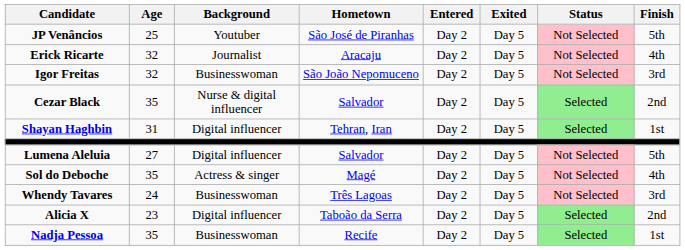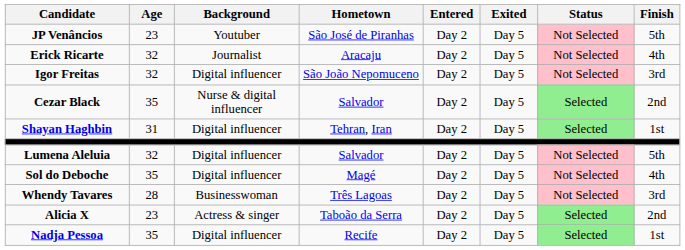 <table class= "wikitable sortable" style="text-align: center; margin:auto; align: center">
 <tr>
 <th width=150>Candidate</th>
 <th width=050>Age</th>
 <th width=150>Background </th>
 <th width=150>Hometown</th>
 <th width=065>Entered</th>
 <th width=065>Exited</th>
 <th width=115>Status</th>
 <th width=050>Finish</th>
 </tr>
 <tr>
 <td><strong>JP Venâncios</strong><br></td>
-<td>25</td>
+<td>23</td>
 <td>Youtuber</td>
 <td><a href='#'>São José de Piranhas</a></td>
 <td>Day 2</td>
 <td>Day 5</td>
 <td bgcolor=FFC0CB nowrap>Not Selected<br></td>
 <td>5th</td>
 </tr>
 <tr>
 <td><strong>Erick Ricarte</strong><br></td>
 <td>32</td>
 <td>Journalist</td>
 <td><a href='#'>Aracaju</a></td>
 <td>Day 2</td>
 <td>Day 5</td>
 <td bgcolor=FFC0CB nowrap>Not Selected<br></td>
 <td>4th</td>
 </tr>
 <tr>
 <td nowrap><strong>Igor Freitas</strong><br></td>
 <td>32</td>
-<td>Businesswoman</td>
+<td nowrap>Digital influencer</td>
 <td><a href='#'>São João Nepomuceno</a></td>
 <td>Day 2</td>
 <td>Day 5</td>
 <td bgcolor=FFC0CB nowrap>Not Selected<br></td>
 <td>3rd</td>
 </tr>
 <tr>
 <td nowrap><strong>Cezar Black</strong><br></td>
 <td>35</td>
 <td>Nurse & digital influencer</td>
 <td><a href='#'>Salvador</a></td>
 <td>Day 2</td>
 <td>Day 5</td>
 <td bgcolor=90EE90>Selected<br></td>
 <td>2nd</td>
 </tr>
 <tr>
 <td><a href='#'><strong>Shayan Haghbin</strong></a><br></td>
 <td>31</td>
 <td>Digital influencer</td>
 <td><a href='#'>Tehran</a>, <a href='#'>Iran</a></td>
 <td>Day 2</td>
 <td>Day 5</td>
 <td bgcolor=90EE90>Selected<br></td>
 <td>1st</td>
 </tr>
 <tr>
 <td bgcolor=000000 colspan=8></td>
 </tr>
 <tr>
 <td nowrap><strong>Lumena Aleluia</strong><br></td>
-<td>27</td>
+<td>32</td>
 <td nowrap>Digital influencer</td>
 <td><a href='#'>Salvador</a></td>
 <td>Day 2</td>
 <td>Day 5</td>
 <td bgcolor=FFC0CB nowrap>Not Selected<br></td>
 <td>5th</td>
 </tr>
 <tr>
 <td><strong>Sol do Deboche</strong><br></td>
 <td>35</td>
-<td>Actress & singer</td>
+<td>Digital influencer</td>
 <td><a href='#'>Magé</a></td>
 <td>Day 2</td>
 <td>Day 5</td>
 <td bgcolor=FFC0CB nowrap>Not Selected<br></td>
 <td>4th</td>
 </tr>
 <tr>
 <td><strong>Whendy Tavares</strong><br></td>
-<td>24</td>
+<td>28</td>
 <td>Businesswoman</td>
 <td><a href='#'>Três Lagoas</a></td>
 <td>Day 2</td>
 <td>Day 5</td>
 <td bgcolor=FFC0CB nowrap>Not Selected<br></td>
 <td>3rd</td>
 </tr>
 <tr>
 <td><strong>Alicia X</strong><br></td>
 <td>23</td>
-<td>Digital influencer</td>
+<td>Actress & singer</td>
 <td><a href='#'>Taboão da Serra</a></td>
 <td>Day 2</td>
 <td>Day 5</td>
 <td bgcolor=90EE90>Selected<br></td>
 <td>2nd</td>
 </tr>
 <tr>
 <td><a href='#'><strong>Nadja Pessoa</strong></a><br></td>
 <td>35</td>
-<td>Businesswoman</td>
+<td nowrap>Digital influencer</td>
 <td><a href='#'>Recife</a></td>
 <td>Day 2</td>
 <td>Day 5</td>
 <td bgcolor=90EE90>Selected<br></td>
 <td>1st</td>
 </tr>
 </table>
